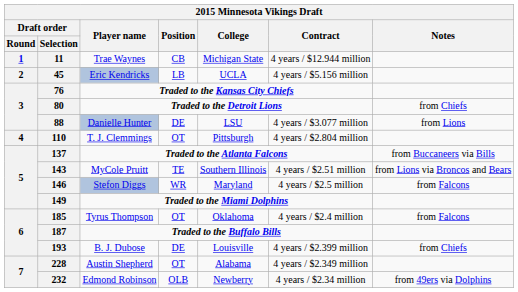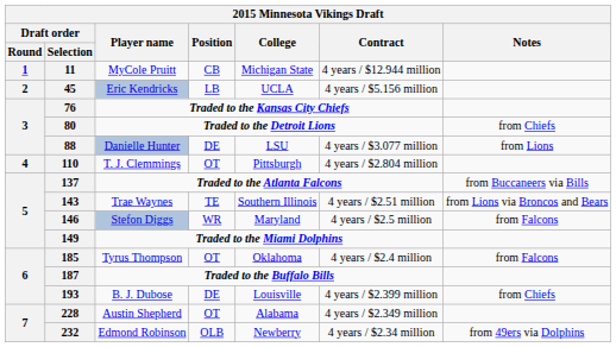 <table class="wikitable" style="text-align:center">
 <tr>
 <th colspan="8">2015 Minnesota Vikings Draft</th>
 </tr>
 <tr>
 <th colspan="2">Draft order</th>
 <th rowspan="2">Player name</th>
 <th rowspan="2">Position</th>
 <th rowspan="2">College</th>
 <th rowspan="2">Contract</th>
 <th rowspan="2">Notes</th>
 </tr>
 <tr>
 <th>Round</th>
 <th>Selection</th>
 </tr>
 <tr>
 <th><a href='#'>1</a></th>
 <th>11</th>
-<td><a href='#'>Trae Waynes</a></td>
+<td><a href='#'>MyCole Pruitt</a></td>
 <td><a href='#'>CB</a></td>
 <td><a href='#'>Michigan State</a></td>
 <td>4 years / $12.944 million</td>
 <td></td>
 </tr>
 <tr>
 <th>2</th>
 <th>45</th>
 <td bgcolor=lightsteelblue><a href='#'>Eric Kendricks</a></td>
 <td><a href='#'>LB</a></td>
 <td><a href='#'>UCLA</a></td>
 <td>4 years / $5.156 million</td>
 <td></td>
 </tr>
 <tr>
 <th rowspan="3">3</th>
 <th>76</th>
 <td colspan="4"><strong><em>Traded to the <a href='#'>Kansas City Chiefs</a></em></strong></td>
 <td></td>
 </tr>
 <tr>
 <th>80</th>
 <td colspan="4"><strong><em>Traded to the <a href='#'>Detroit Lions</a></em></strong></td>
 <td>from <a href='#'>Chiefs</a></td>
 </tr>
 <tr>
 <th>88</th>
 <td bgcolor=lightsteelblue><a href='#'>Danielle Hunter</a></td>
 <td><a href='#'>DE</a></td>
 <td><a href='#'>LSU</a></td>
 <td>4 years / $3.077 million</td>
 <td>from <a href='#'>Lions</a></td>
 </tr>
 <tr>
 <th>4</th>
 <th>110</th>
 <td><a href='#'>T. J. Clemmings</a></td>
 <td><a href='#'>OT</a></td>
 <td><a href='#'>Pittsburgh</a></td>
 <td>4 years / $2.804 million</td>
 <td></td>
 </tr>
 <tr>
 <th rowspan="4">5</th>
 <th>137</th>
 <td colspan="4"><strong><em>Traded to the <a href='#'>Atlanta Falcons</a></em></strong></td>
 <td>from <a href='#'>Buccaneers</a> via <a href='#'>Bills</a></td>
 </tr>
 <tr>
 <th>143</th>
-<td><a href='#'>MyCole Pruitt</a></td>
+<td><a href='#'>Trae Waynes</a></td>
 <td><a href='#'>TE</a></td>
 <td><a href='#'>Southern Illinois</a></td>
 <td>4 years / $2.51 million</td>
 <td>from <a href='#'>Lions</a> via <a href='#'>Broncos</a> and <a href='#'>Bears</a></td>
 </tr>
 <tr>
 <th>146</th>
 <td bgcolor=lightsteelblue><a href='#'>Stefon Diggs</a></td>
 <td><a href='#'>WR</a></td>
 <td><a href='#'>Maryland</a></td>
 <td>4 years / $2.5 million</td>
 <td>from <a href='#'>Falcons</a></td>
 </tr>
 <tr>
 <th>149</th>
 <td colspan="4"><strong><em>Traded to the <a href='#'>Miami Dolphins</a></em></strong></td>
 <td></td>
 </tr>
 <tr>
 <th rowspan="3">6</th>
 <th>185</th>
 <td><a href='#'>Tyrus Thompson</a></td>
 <td><a href='#'>OT</a></td>
 <td><a href='#'>Oklahoma</a></td>
 <td>4 years / $2.4 million</td>
 <td>from <a href='#'>Falcons</a></td>
 </tr>
 <tr>
 <th>187</th>
 <td colspan="4"><strong><em>Traded to the <a href='#'>Buffalo Bills</a></em></strong></td>
 <td></td>
 </tr>
 <tr>
 <th>193</th>
 <td><a href='#'>B. J. Dubose</a></td>
 <td><a href='#'>DE</a></td>
 <td><a href='#'>Louisville</a></td>
 <td>4 years / $2.399 million</td>
 <td>from <a href='#'>Chiefs</a></td>
 </tr>
 <tr>
 <th rowspan="2">7</th>
 <th>228</th>
 <td><a href='#'>Austin Shepherd</a></td>
 <td><a href='#'>OT</a></td>
 <td><a href='#'>Alabama</a></td>
 <td>4 years / $2.349 million</td>
 <td></td>
 </tr>
 <tr>
 <th>232</th>
 <td><a href='#'>Edmond Robinson</a></td>
 <td><a href='#'>OLB</a></td>
 <td><a href='#'>Newberry</a></td>
 <td>4 years / $2.34 million</td>
 <td>from <a href='#'>49ers</a> via <a href='#'>Dolphins</a></td>
 </tr>
 </table>
